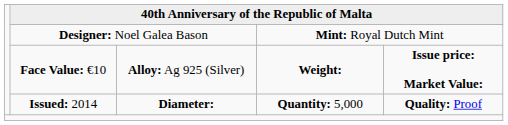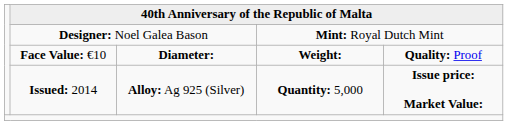 <table class="wikitable" width=100%>
 <tr>
 <td rowspan=4 width="330px" nowrap align=center></td>
 <th colspan="4" align=center style="background:#eeeeee;">40th Anniversary of the Republic of Malta</th>
 </tr>
 <tr>
 <td colspan="2" width="50%" align=center><strong>Designer:</strong> Noel Galea Bason</td>
 <td colspan="2" width="50%" align=center><strong>Mint:</strong> Royal Dutch Mint</td>
 </tr>
 <tr>
 <td align=center><strong>Face Value:</strong> €10</td>
-<td align=center><strong>Alloy:</strong> Ag 925 (Silver)</td>
+<td align=center><strong>Diameter:</strong> </td>
 <td align=center><strong>Weight:</strong> </td>
-<td align=center><strong>Issue price:</strong><br><br> <strong>Market Value:</strong></td>
+<td align=center><strong>Quality:</strong> <a href='#'>Proof</a></td>
 </tr>
 <tr>
 <td align=center><strong>Issued:</strong> 2014</td>
-<td align=center><strong>Diameter:</strong> </td>
+<td align=center><strong>Alloy:</strong> Ag 925 (Silver)</td>
 <td align=center><strong>Quantity:</strong> 5,000</td>
-<td align=center><strong>Quality:</strong> <a href='#'>Proof</a></td>
+<td align=center><strong>Issue price:</strong><br><br> <strong>Market Value:</strong></td>
 </tr>
 <tr>
 <td colspan="5" align=left></td>
 </tr>
 </table>
